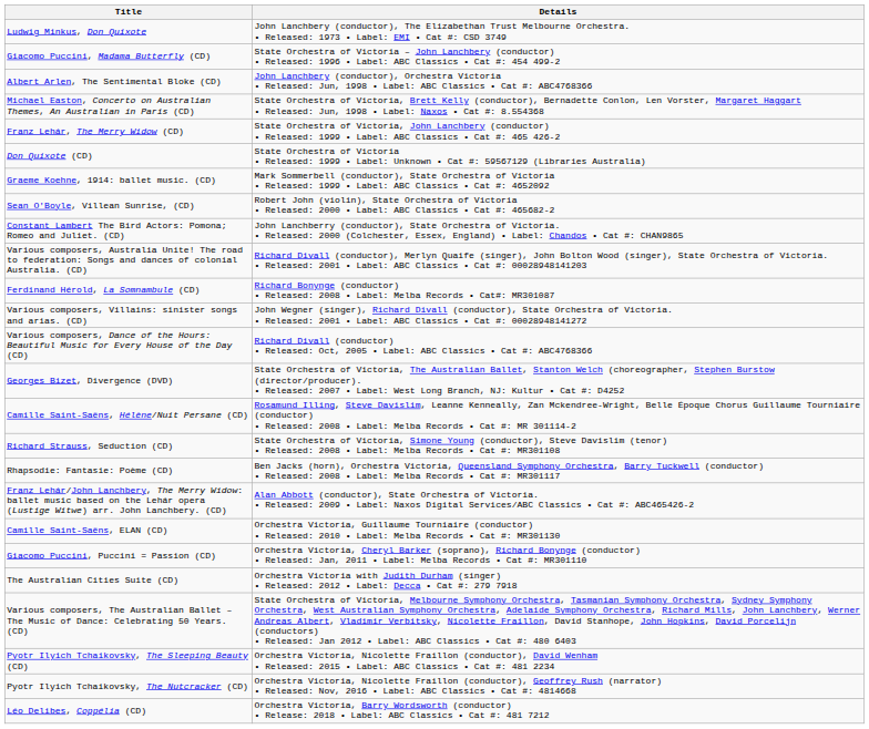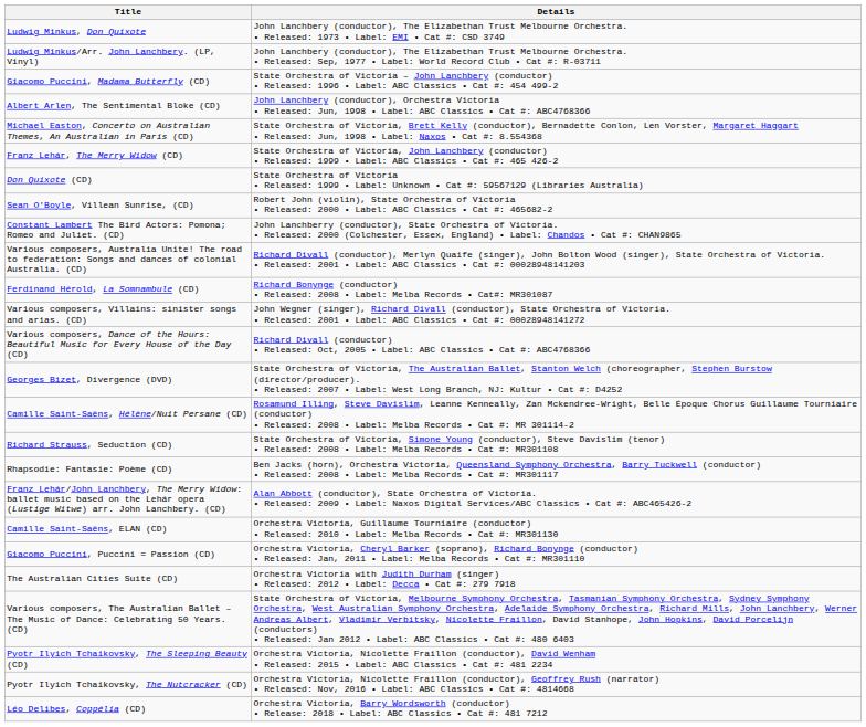 <table class="wikitable">
 <tr>
 <th>Title</th>
 <th>Details</th>
 </tr>
 <tr>
 <td><a href='#'>Ludwig Minkus</a>, <em><a href='#'>Don Quixote</a></em></td>
 <td>John Lanchbery (conductor), The Elizabethan Trust Melbourne Orchestra.<br>•	Released: 1973 •	Label: <a href='#'>EMI</a> •	Cat #: CSD 3749</td>
+</tr>
+<tr>
+<td><a href='#'>Ludwig Minkus</a>/Arr. <a href='#'>John Lanchbery</a>. (LP, Vinyl)</td>
+<td>John Lanchbery (conductor), The Elizabethan Trust Melbourne Orchestra.<br>•	Released: Sep, 1977 •	Label: World Record Club •	Cat #: R-03711</td>
 </tr>
 <tr>
 <td><a href='#'>Giacomo Puccini</a>, <em><a href='#'>Madama Butterfly</a></em> (CD)</td>
 <td>State Orchestra of Victoria – <a href='#'>John Lanchbery</a> (conductor)<br>•	Released: 1996 •	Label: ABC Classics •	Cat #: 454 499-2</td>
 </tr>
 <tr>
 <td><a href='#'>Albert Arlen</a>, The Sentimental Bloke (CD)</td>
 <td><a href='#'>John Lanchbery</a> (conductor), Orchestra Victoria<br>•	Released: Jun, 1998 •	Label: ABC Classics •	Cat #: ABC4768366</td>
 </tr>
 <tr>
 <td><a href='#'>Michael Easton</a>, <em>Concerto on Australian Themes</em>, <em>An Australian in Paris</em> (CD)</td>
 <td>State Orchestra of Victoria, <a href='#'>Brett Kelly</a> (conductor), Bernadette Conlon, Len Vorster, <a href='#'>Margaret Haggart</a><br>•	Released: Jun, 1998 •	Label: <a href='#'>Naxos</a> •	Cat #: 8.554368</td>
 </tr>
 <tr>
 <td><a href='#'>Franz Lehár</a>, <em><a href='#'>The Merry Widow</a></em> (CD)</td>
 <td>State Orchestra of Victoria, <a href='#'>John Lanchbery</a> (conductor)<br>•	Released: 1999 •	Label: ABC Classics •	Cat #: 465 426-2</td>
 </tr>
 <tr>
 <td><em><a href='#'>Don Quixote</a></em> (CD)</td>
 <td>State Orchestra of Victoria<br>•	Released: 1999 •	Label: Unknown •	Cat #: 59567129 (Libraries Australia)</td>
-</tr>
-<tr>
-<td><a href='#'>Graeme Koehne</a>, 1914: ballet music. (CD)</td>
-<td>Mark Sommerbell (conductor), State Orchestra of Victoria<br>•	Released: 1999 •	Label: ABC Classics •	Cat #: 4652092</td>
 </tr>
 <tr>
 <td><a href='#'>Sean O'Boyle</a>, Villean Sunrise, (CD)</td>
 <td>Robert John (violin), State Orchestra of Victoria<br>•	Released: 2000 •	Label: ABC Classics •	Cat #: 465682-2</td>
 </tr>
 <tr>
 <td><a href='#'>Constant Lambert</a> The Bird Actors: Pomona; Romeo and Juliet. (CD)</td>
 <td>John Lanchberry (conductor), State Orchestra of Victoria.<br>•	Released: 2000 (Colchester, Essex, England) •	Label: <a href='#'>Chandos</a> •	Cat #: CHAN9865</td>
 </tr>
 <tr>
 <td>Various composers, Australia Unite! The road to federation: Songs and dances of colonial Australia. (CD)</td>
 <td><a href='#'>Richard Divall</a> (conductor), Merlyn Quaife (singer), John Bolton Wood (singer), State Orchestra of Victoria.<br>•	Released: 2001 •	Label: ABC Classics •	Cat #: 00028948141203</td>
 </tr>
 <tr>
 <td><a href='#'>Ferdinand Hérold</a>, <em><a href='#'>La Somnambule</a></em> (CD)</td>
 <td><a href='#'>Richard Bonynge</a> (conductor)<br>•	Released: 2008 •	Label: Melba Records •	Cat#: MR301087</td>
 </tr>
 <tr>
 <td>Various composers, Villains: sinister songs and arias. (CD)</td>
 <td>John Wegner (singer), <a href='#'>Richard Divall</a> (conductor), State Orchestra of Victoria.<br>•	Released: 2001 •	Label: ABC Classics •	Cat #: 00028948141272</td>
 </tr>
 <tr>
 <td>Various composers, <em>Dance of the Hours: Beautiful Music for Every House of the Day</em> (CD)</td>
 <td><a href='#'>Richard Divall</a> (conductor)<br>•	Released: Oct, 2005 •	Label: ABC Classics •	Cat #: ABC4768366</td>
 </tr>
 <tr>
 <td><a href='#'>Georges Bizet</a>, Divergence (DVD)</td>
 <td>State Orchestra of Victoria, <a href='#'>The Australian Ballet</a>, <a href='#'>Stanton Welch</a> (choreographer, <a href='#'>Stephen Burstow</a> (director/producer).<br>•	Released: 2007 •	Label: West Long Branch, NJ: Kultur •	Cat #: D4252</td>
 </tr>
 <tr>
 <td><a href='#'>Camille Saint-Saëns</a>, <em><a href='#'>Hélène</a></em>/<em>Nuit Persane</em> (CD)</td>
 <td><a href='#'>Rosamund Illing</a>, <a href='#'>Steve Davislim</a>, Leanne Kenneally, Zan Mckendree-Wright, Belle Époque Chorus Guillaume Tourniaire (conductor)<br>•	Released: 2008 •	Label: Melba Records •	Cat #: MR 301114-2</td>
 </tr>
 <tr>
 <td><a href='#'>Richard Strauss</a>, Seduction (CD)</td>
 <td>State Orchestra of Victoria, <a href='#'>Simone Young</a> (conductor), Steve Davislim (tenor)<br>•	Released: 2008 •	Label: Melba Records •	Cat #: MR301108</td>
 </tr>
 <tr>
 <td>Rhapsodie: Fantasie: Poème (CD)</td>
 <td>Ben Jacks (horn), Orchestra Victoria, <a href='#'>Queensland Symphony Orchestra</a>, <a href='#'>Barry Tuckwell</a> (conductor)<br>•	Released: 2008 •	Label: Melba Records •	Cat #: MR301117</td>
 </tr>
 <tr>
 <td><a href='#'>Franz Lehár</a>/<a href='#'>John Lanchbery</a>, <em>The Merry Widow</em>: ballet music based on the Lehár opera (<em>Lustige Witwe</em>) arr. John Lanchbery. (CD)</td>
 <td><a href='#'>Alan Abbott</a> (conductor), State Orchestra of Victoria.<br>•	Released: 2009 •	Label: Naxos Digital Services/ABC Classics •	Cat #: ABC465426-2</td>
 </tr>
 <tr>
 <td><a href='#'>Camille Saint-Saëns</a>, ELAN (CD)</td>
 <td>Orchestra Victoria, Guillaume Tourniaire (conductor)<br>•	Released: 2010 •	Label: Melba Records •	Cat #: MR301130</td>
 </tr>
 <tr>
 <td><a href='#'>Giacomo Puccini</a>, Puccini = Passion (CD)</td>
 <td>Orchestra Victoria, <a href='#'>Cheryl Barker</a> (soprano), <a href='#'>Richard Bonynge</a> (conductor)<br>•	Released: Jan, 2011 •	Label: Melba Records •	Cat #: MR301110</td>
 </tr>
 <tr>
 <td>The Australian Cities Suite (CD)</td>
 <td>Orchestra Victoria with <a href='#'>Judith Durham</a> (singer)<br>•	Released: 2012 •	Label: <a href='#'>Decca</a> •	Cat #: 279 7918</td>
 </tr>
 <tr>
 <td>Various composers, The Australian Ballet – The Music of Dance: Celebrating 50 Years. (CD)</td>
 <td>State Orchestra of Victoria, <a href='#'>Melbourne Symphony Orchestra</a>, <a href='#'>Tasmanian Symphony Orchestra</a>, <a href='#'>Sydney Symphony Orchestra</a>, <a href='#'>West Australian Symphony Orchestra</a>, <a href='#'>Adelaide Symphony Orchestra</a>, <a href='#'>Richard Mills</a>, <a href='#'>John Lanchbery</a>, <a href='#'>Werner Andreas Albert</a>, <a href='#'>Vladimir Verbitsky</a>, <a href='#'>Nicolette Fraillon</a>, David Stanhope, <a href='#'>John Hopkins</a>, <a href='#'>David Porcelijn</a> (conductors)<br>•	Released: Jan 2012 •	Label: ABC Classics •	Cat #: 480 6403</td>
 </tr>
 <tr>
 <td><a href='#'>Pyotr Ilyich Tchaikovsky</a>, <em><a href='#'>The Sleeping Beauty</a></em> (CD)</td>
 <td>Orchestra Victoria, Nicolette Fraillon (conductor), <a href='#'>David Wenham</a><br>•	Released: 2015 •	Label: ABC Classics •	Cat #: 481 2234</td>
 </tr>
 <tr>
 <td>Pyotr Ilyich Tchaikovsky, <em><a href='#'>The Nutcracker</a></em> (CD)</td>
 <td>Orchestra Victoria, Nicolette Fraillon (conductor), <a href='#'>Geoffrey Rush</a> (narrator)<br>•	Released: Nov, 2016 •	Label: ABC Classics •	Cat #: 4814668</td>
 </tr>
 <tr>
 <td><a href='#'>Léo Delibes</a>, <em><a href='#'>Coppélia</a></em> (CD)</td>
 <td>Orchestra Victoria, <a href='#'>Barry Wordsworth</a> (conductor)<br>•	Release: 2018 •	Label: ABC Classics •	Cat #: 481 7212</td>
 </tr>
 </table>
